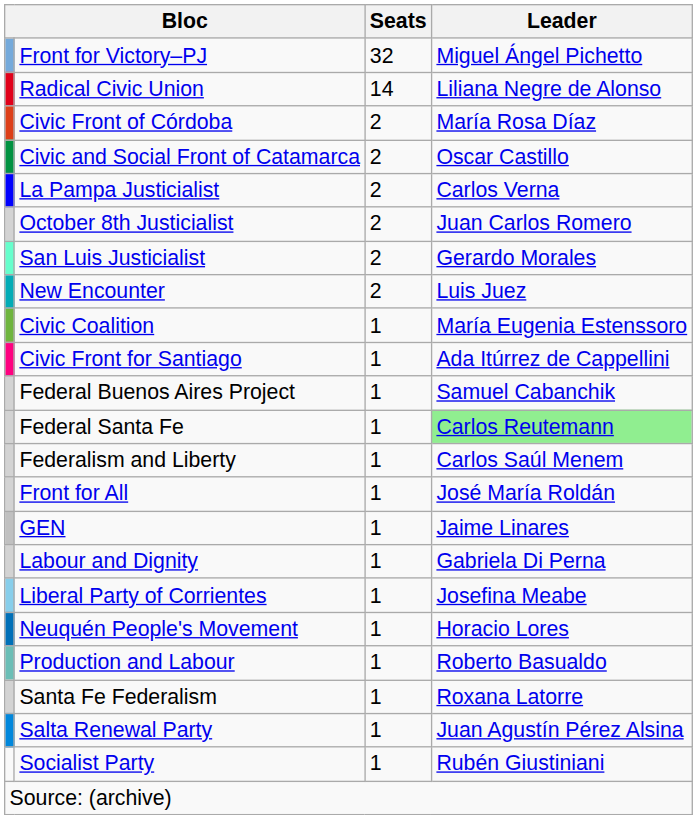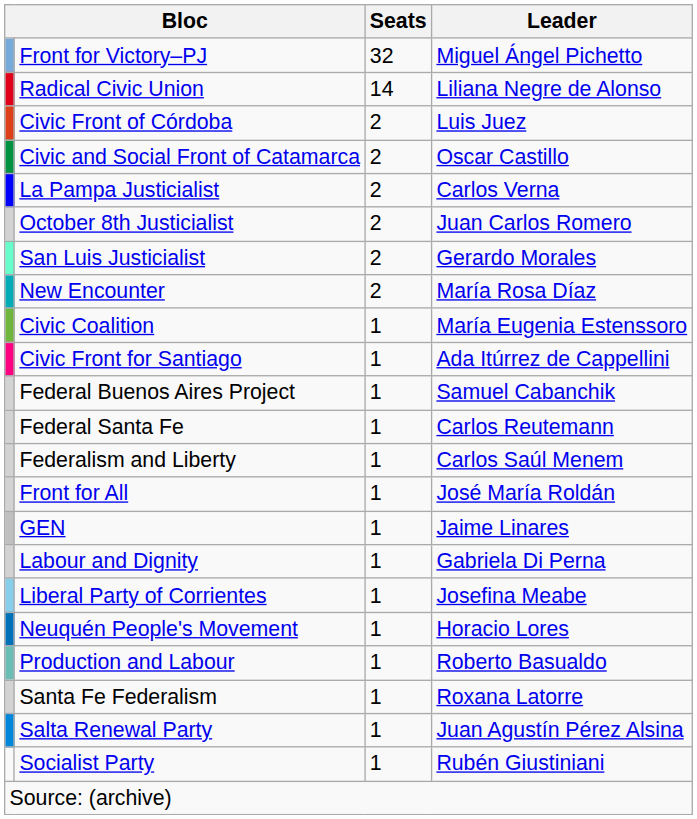 <table class="wikitable">
 <tr>
 <th colspan="2">Bloc</th>
 <th>Seats</th>
 <th>Leader</th>
 </tr>
 <tr>
 <td style="background-color: #75AADB"></td>
 <td><a href='#'>Front for Victory–PJ</a></td>
 <td>32</td>
 <td><a href='#'>Miguel Ángel Pichetto</a></td>
 </tr>
 <tr>
 <td style="background-color: #E10019"></td>
 <td><a href='#'>Radical Civic Union</a></td>
 <td>14</td>
 <td><a href='#'>Liliana Negre de Alonso</a></td>
 </tr>
 <tr>
 <td style="background-color: #dd3f18"></td>
 <td><a href='#'>Civic Front of Córdoba</a></td>
 <td>2</td>
-<td><a href='#'>María Rosa Díaz</a></td>
+<td><a href='#'>Luis Juez</a></td>
 </tr>
 <tr>
 <td style="background-color: #009241"></td>
 <td><a href='#'>Civic and Social Front of Catamarca</a></td>
 <td>2</td>
 <td><a href='#'>Oscar Castillo</a></td>
 </tr>
 <tr>
 <td style="background-color: blue"></td>
 <td><a href='#'>La Pampa Justicialist</a></td>
 <td>2</td>
 <td><a href='#'>Carlos Verna</a></td>
 </tr>
 <tr>
 <td style="background-color: #D3D3D3"></td>
 <td><a href='#'>October 8th Justicialist</a></td>
 <td>2</td>
 <td><a href='#'>Juan Carlos Romero</a></td>
 </tr>
 <tr>
 <td style="background-color: #66FFCC"></td>
 <td><a href='#'>San Luis Justicialist</a></td>
 <td>2</td>
 <td><a href='#'>Gerardo Morales</a></td>
 </tr>
 <tr>
 <td style="background-color: #03ACB6"></td>
 <td><a href='#'>New Encounter</a></td>
 <td>2</td>
-<td><a href='#'>Luis Juez</a></td>
+<td><a href='#'>María Rosa Díaz</a></td>
 </tr>
 <tr>
 <td style="background-color: #6fb53e"></td>
 <td><a href='#'>Civic Coalition</a></td>
 <td>1</td>
 <td><a href='#'>María Eugenia Estenssoro</a></td>
 </tr>
 <tr>
 <td style="background-color: #FF0080"></td>
 <td><a href='#'>Civic Front for Santiago</a></td>
 <td>1</td>
 <td><a href='#'>Ada Itúrrez de Cappellini</a></td>
 </tr>
 <tr>
 <td style="background-color: #D3D3D3"></td>
 <td>Federal Buenos Aires Project</td>
 <td>1</td>
 <td><a href='#'>Samuel Cabanchik</a></td>
 </tr>
 <tr>
 <td style="background-color: #D3D3D3"></td>
 <td>Federal Santa Fe</td>
 <td>1</td>
-<td style="background: lightgreen;"><a href='#'>Carlos Reutemann</a></td>
+<td><a href='#'>Carlos Reutemann</a></td>
 </tr>
 <tr>
 <td style="background-color: #D3D3D3"></td>
 <td>Federalism and Liberty</td>
 <td>1</td>
 <td><a href='#'>Carlos Saúl Menem</a></td>
 </tr>
 <tr>
 <td style="background-color: #D3D3D3"></td>
 <td><a href='#'>Front for All</a></td>
 <td>1</td>
 <td><a href='#'>José María Roldán</a></td>
 </tr>
 <tr>
 <td style="background-color: #C0C0C0"></td>
 <td><a href='#'>GEN</a></td>
 <td>1</td>
 <td><a href='#'>Jaime Linares</a></td>
 </tr>
 <tr>
 <td style="background-color: #D3D3D3"></td>
 <td><a href='#'>Labour and Dignity</a></td>
 <td>1</td>
 <td><a href='#'>Gabriela Di Perna</a></td>
 </tr>
 <tr>
 <td style="background-color: skyblue"></td>
 <td><a href='#'>Liberal Party of Corrientes</a></td>
 <td>1</td>
 <td><a href='#'>Josefina Meabe</a></td>
 </tr>
 <tr>
 <td style="background-color: #0070b8"></td>
 <td><a href='#'>Neuquén People's Movement</a></td>
 <td>1</td>
 <td><a href='#'>Horacio Lores</a></td>
 </tr>
 <tr>
 <td style="background-color: #6bbeb6"></td>
 <td><a href='#'>Production and Labour</a></td>
 <td>1</td>
 <td><a href='#'>Roberto Basualdo</a></td>
 </tr>
 <tr>
 <td style="background-color: #D3D3D3"></td>
 <td>Santa Fe Federalism</td>
 <td>1</td>
 <td><a href='#'>Roxana Latorre</a></td>
 </tr>
 <tr>
 <td style="background-color: #0087DC"></td>
 <td><a href='#'>Salta Renewal Party</a></td>
 <td>1</td>
 <td><a href='#'>Juan Agustín Pérez Alsina</a></td>
 </tr>
 <tr>
 <td style="background-color: "></td>
 <td><a href='#'>Socialist Party</a></td>
 <td>1</td>
 <td><a href='#'>Rubén Giustiniani</a></td>
 </tr>
 <tr>
 <td colspan=4>Source:  (archive)</td>
 </tr>
 </table>
